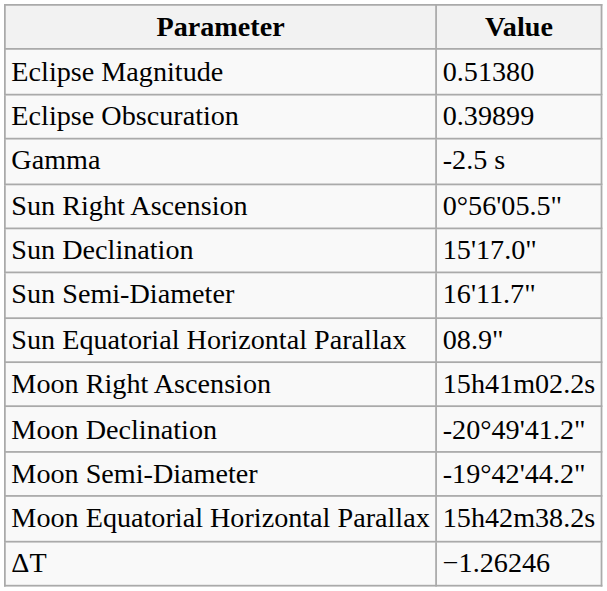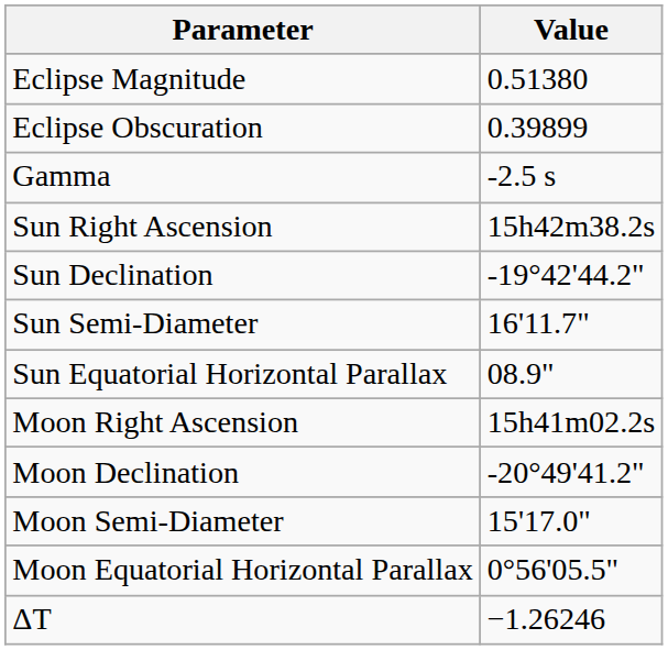 <table class="wikitable">
 <tr>
 <th>Parameter</th>
 <th>Value</th>
 </tr>
 <tr>
 <td>Eclipse Magnitude</td>
 <td>0.51380</td>
 </tr>
 <tr>
 <td>Eclipse Obscuration</td>
 <td>0.39899</td>
 </tr>
 <tr>
 <td>Gamma</td>
 <td>-2.5 s</td>
 </tr>
 <tr>
 <td>Sun Right Ascension</td>
-<td>0°56'05.5"</td>
+<td>15h42m38.2s</td>
 </tr>
 <tr>
 <td>Sun Declination</td>
-<td>15'17.0"</td>
+<td>-19°42'44.2"</td>
 </tr>
 <tr>
 <td>Sun Semi-Diameter</td>
 <td>16'11.7"</td>
 </tr>
 <tr>
 <td>Sun Equatorial Horizontal Parallax</td>
 <td>08.9"</td>
 </tr>
 <tr>
 <td>Moon Right Ascension</td>
 <td>15h41m02.2s</td>
 </tr>
 <tr>
 <td>Moon Declination</td>
 <td>-20°49'41.2"</td>
 </tr>
 <tr>
 <td>Moon Semi-Diameter</td>
-<td>-19°42'44.2"</td>
+<td>15'17.0"</td>
 </tr>
 <tr>
 <td>Moon Equatorial Horizontal Parallax</td>
-<td>15h42m38.2s</td>
+<td>0°56'05.5"</td>
 </tr>
 <tr>
 <td>ΔT</td>
 <td>−1.26246</td>
 </tr>
 </table>
